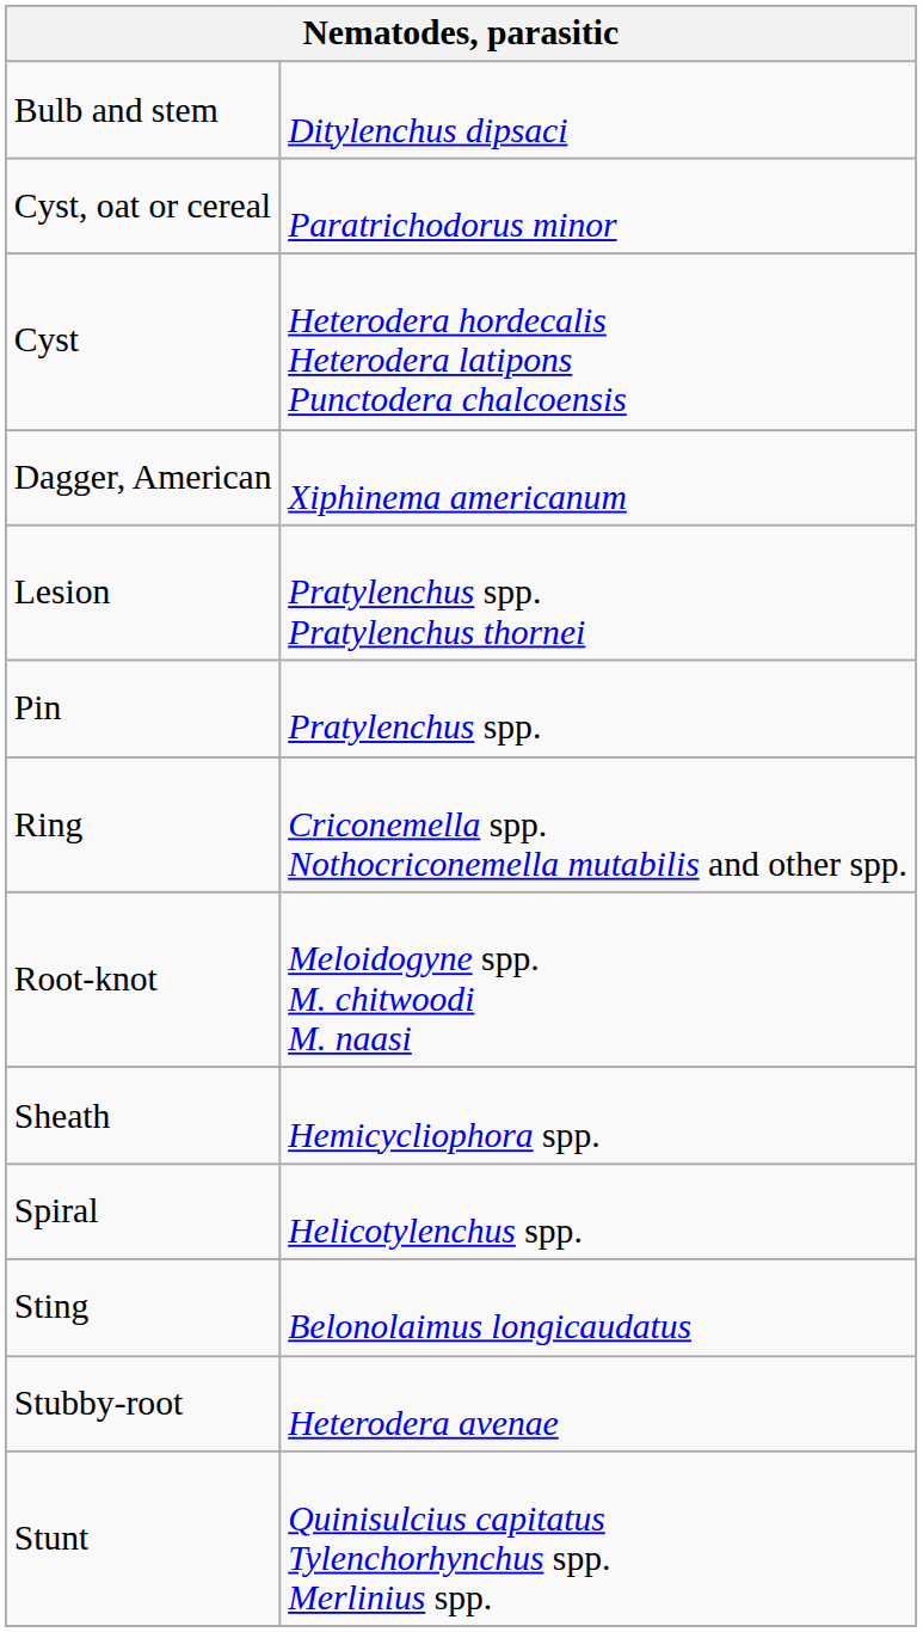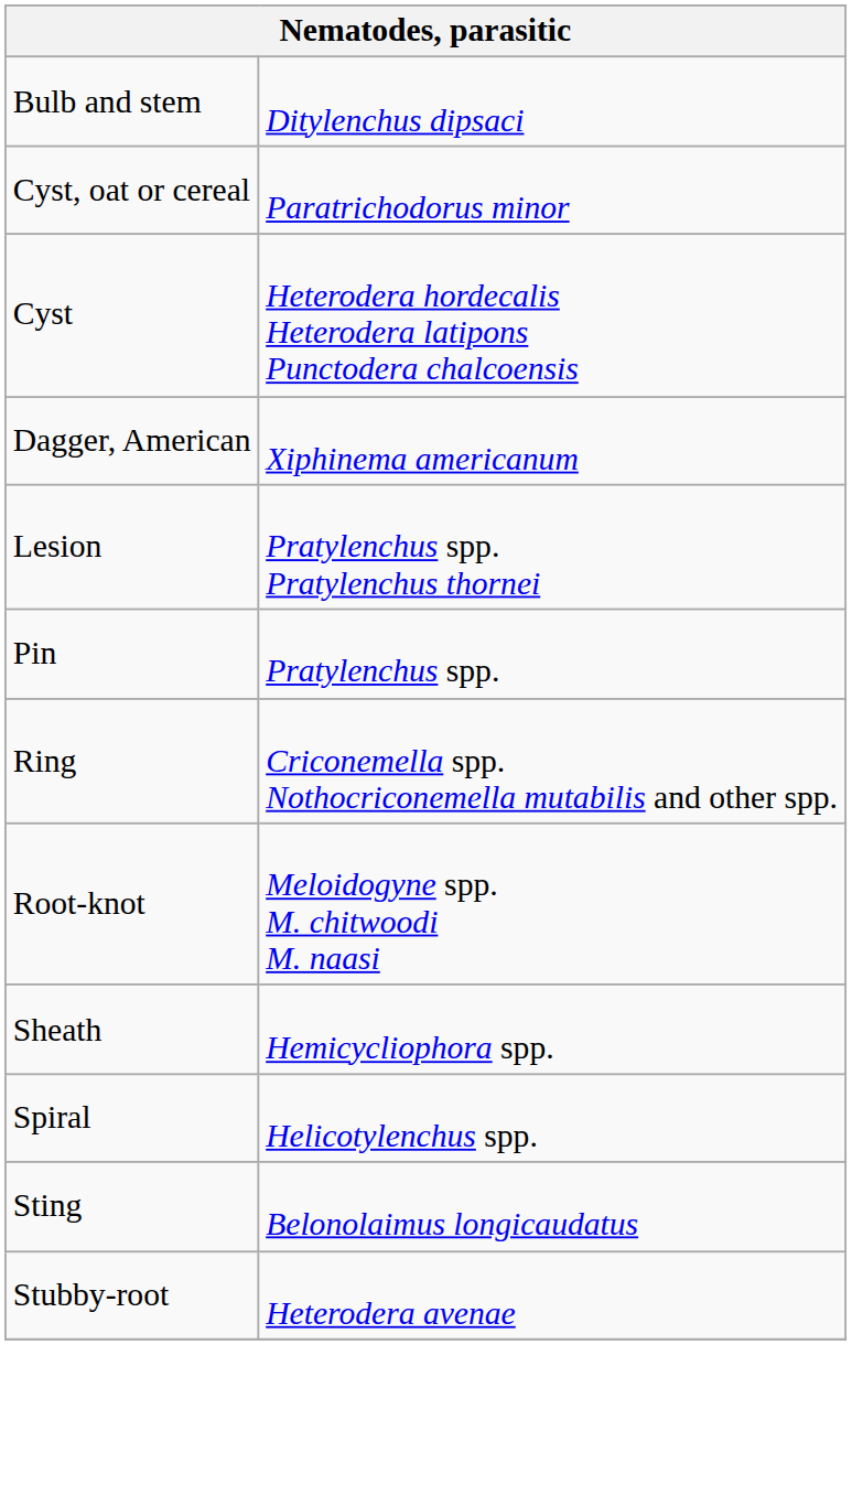 <table class="wikitable" style="clear">
 <tr>
 <th colspan=2><strong>Nematodes, parasitic</strong><br></th>
 </tr>
 <tr>
 <td>Bulb and stem</td>
 <td><br><em><a href='#'>Ditylenchus dipsaci</a></em></td>
 </tr>
 <tr>
 <td>Cyst, oat or cereal</td>
 <td><br><em><a href='#'>Paratrichodorus minor</a></em></td>
 </tr>
 <tr>
 <td>Cyst</td>
 <td><br><em><a href='#'>Heterodera hordecalis</a></em><br> <em><a href='#'>Heterodera latipons</a></em><br> <em><a href='#'>Punctodera chalcoensis</a></em><br></td>
 </tr>
 <tr>
 <td>Dagger, American</td>
 <td><br><em><a href='#'>Xiphinema americanum</a></em></td>
 </tr>
 <tr>
 <td>Lesion</td>
 <td><br><em><a href='#'>Pratylenchus</a></em> spp. <br> <em><a href='#'>Pratylenchus thornei</a></em></td>
 </tr>
 <tr>
 <td>Pin</td>
 <td><br><em><a href='#'>Pratylenchus</a></em> spp.</td>
 </tr>
 <tr>
 <td>Ring</td>
 <td><br><em><a href='#'>Criconemella</a></em> spp. <br> <em><a href='#'>Nothocriconemella mutabilis</a></em> and other spp.</td>
 </tr>
 <tr>
 <td>Root-knot</td>
 <td><br><em><a href='#'>Meloidogyne</a></em> spp. <br> <em><a href='#'>M. chitwoodi</a></em><br> <em><a href='#'>M. naasi</a></em></td>
 </tr>
 <tr>
 <td>Sheath</td>
 <td><br><em><a href='#'>Hemicycliophora</a></em> spp.</td>
 </tr>
 <tr>
 <td>Spiral</td>
 <td><br><em><a href='#'>Helicotylenchus</a></em> spp.</td>
 </tr>
 <tr>
 <td>Sting</td>
 <td><br><em><a href='#'>Belonolaimus longicaudatus</a></em></td>
 </tr>
 <tr>
 <td>Stubby-root</td>
 <td><br><em><a href='#'>Heterodera avenae</a></em></td>
 </tr>
 <tr>
-<td>Stunt</td>
-<td><br><em><a href='#'>Quinisulcius capitatus</a></em><br> <em><a href='#'>Tylenchorhynchus</a></em> spp. <br> <em><a href='#'>Merlinius</a></em> spp.</td>
-</tr>
-<tr>
 </tr>
 </table>
